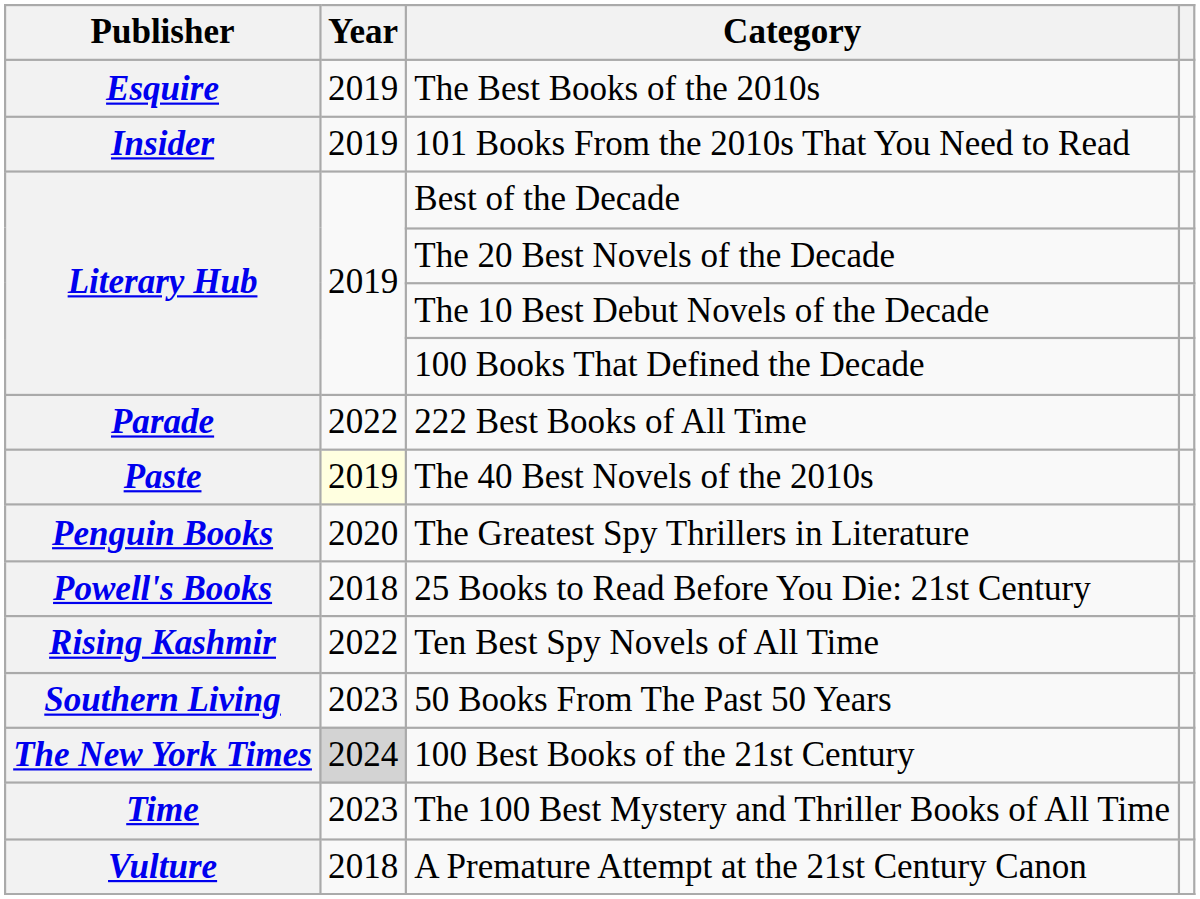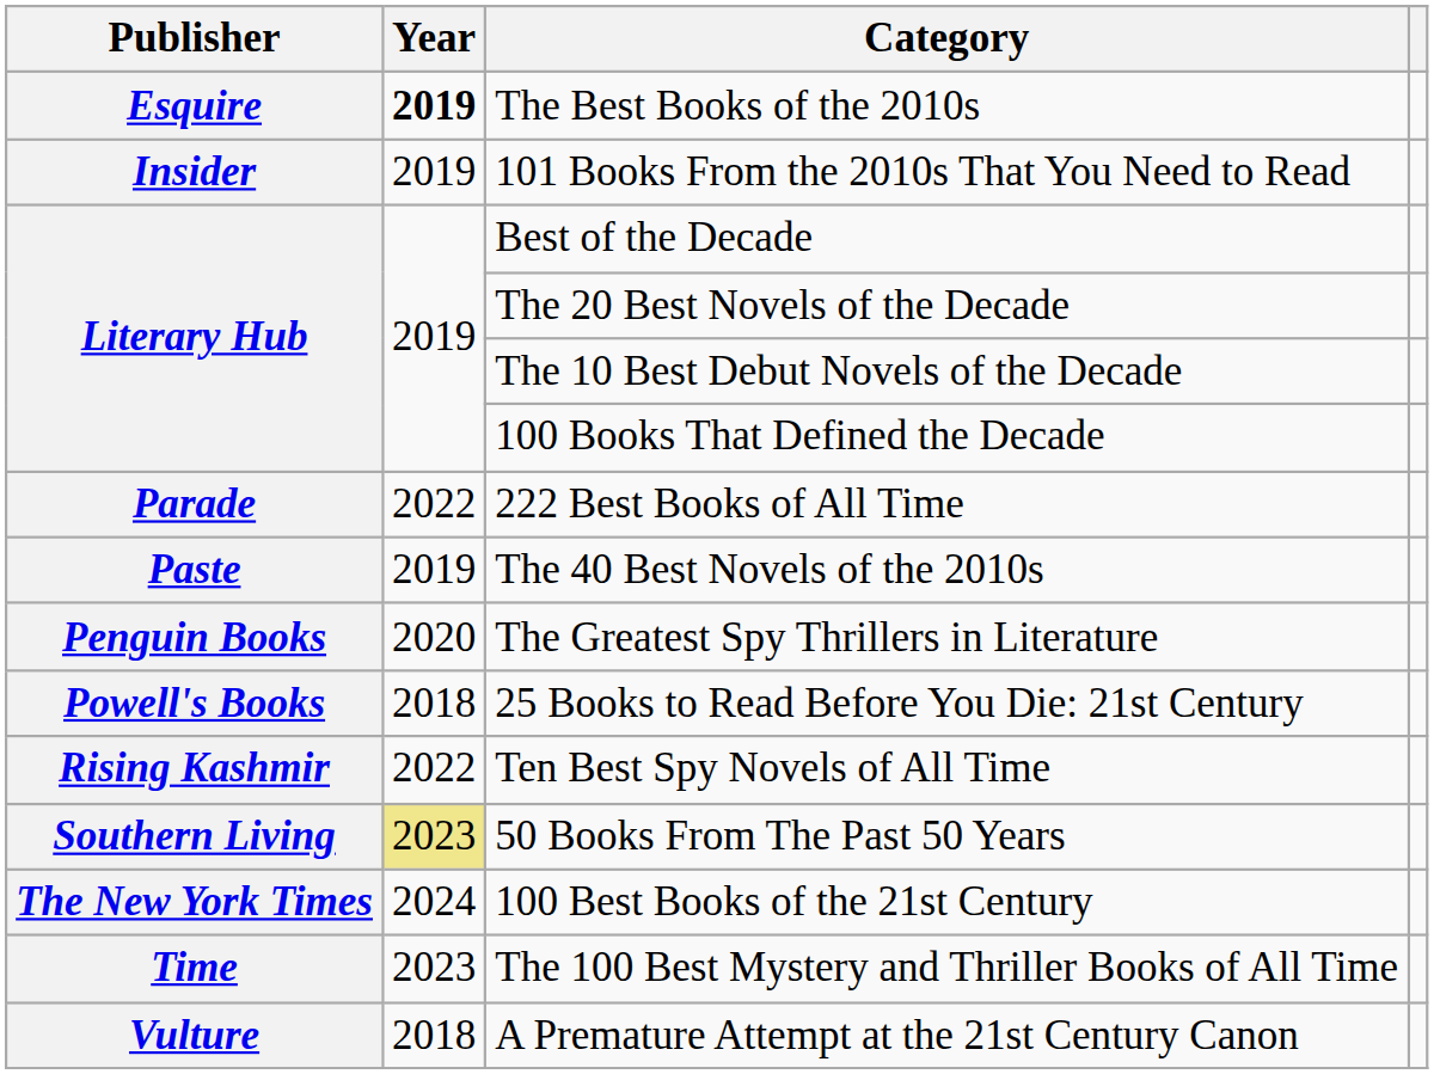 <table class="wikitable sortable plainrowheaders">
 <tr>
 <th scope="col">Publisher</th>
 <th scope="col">Year</th>
 <th scope="col">Category</th>
 <th scope="col" class="unsortable"></th>
 </tr>
 <tr>
 <th scope="row"><em><a href='#'>Esquire</a></em></th>
-<td style="text-align:center;">2019</td>
+<td style="text-align:center;"><strong>2019</strong></td>
 <td>The Best Books of the 2010s</td>
 <td style="text-align:center;"></td>
 </tr>
 <tr>
 <th scope="row"><em><a href='#'>Insider</a></em></th>
 <td style="text-align:center;">2019</td>
 <td>101 Books From the 2010s That You Need to Read</td>
 <td style="text-align:center;"></td>
 </tr>
 <tr>
 <th scope="row" rowspan="4"><em><a href='#'>Literary Hub</a></em></th>
 <td style="text-align:center;" rowspan="4">2019</td>
 <td>Best of the Decade</td>
 <td style="text-align:center;"></td>
 </tr>
 <tr>
 <td>The 20 Best Novels of the Decade</td>
 <td style="text-align:center;"></td>
 </tr>
 <tr>
 <td>The 10 Best Debut Novels of the Decade</td>
 <td style="text-align:center;"></td>
 </tr>
 <tr>
 <td>100 Books That Defined the Decade</td>
 <td style="text-align:center;"></td>
 </tr>
 <tr>
 <th scope="row"><em><a href='#'>Parade</a></em></th>
 <td style="text-align:center;">2022</td>
 <td>222 Best Books of All Time</td>
 <td style="text-align:center;"></td>
 </tr>
 <tr>
 <th scope="row"><em><a href='#'>Paste</a></em></th>
-<td style="background: lightyellow; text-align:center;">2019</td>
+<td style="text-align:center;">2019</td>
 <td>The 40 Best Novels of the 2010s</td>
 <td style="text-align:center;"></td>
 </tr>
 <tr>
 <th scope="row"><em><a href='#'>Penguin Books</a></em></th>
 <td style="text-align:center;">2020</td>
 <td>The Greatest Spy Thrillers in Literature</td>
 <td style="text-align:center;"></td>
 </tr>
 <tr>
 <th scope="row"><em><a href='#'>Powell's Books</a></em></th>
 <td style="text-align:center;">2018</td>
 <td>25 Books to Read Before You Die: 21st Century</td>
 <td style="text-align:center;"></td>
 </tr>
 <tr>
 <th scope="row"><em><a href='#'>Rising Kashmir</a></em></th>
 <td style="text-align:center;">2022</td>
 <td>Ten Best Spy Novels of All Time</td>
 <td style="text-align:center;"></td>
 </tr>
 <tr>
 <th scope="row"><em><a href='#'>Southern Living</a></em></th>
-<td style="text-align:center;">2023</td>
+<td style="background: khaki; text-align:center;">2023</td>
 <td>50 Books From The Past 50 Years</td>
 <td style="text-align:center;"></td>
 </tr>
 <tr>
 <th scope="row"><em><a href='#'>The New York Times</a></em></th>
-<td style="background: lightgrey; text-align:center;">2024</td>
+<td style="text-align:center;">2024</td>
 <td>100 Best Books of the 21st Century</td>
 <td style="text-align:center;"></td>
 </tr>
 <tr>
 <th scope="row"><em><a href='#'>Time</a></em></th>
 <td style="text-align:center;">2023</td>
 <td>The 100 Best Mystery and Thriller Books of All Time</td>
 <td style="text-align:center;"></td>
 </tr>
 <tr>
 <th scope="row"><em><a href='#'>Vulture</a></em></th>
 <td style="text-align:center;">2018</td>
 <td>A Premature Attempt at the 21st Century Canon</td>
 <td style="text-align:center;"></td>
 </tr>
 <tr>
 </tr>
 </table>
